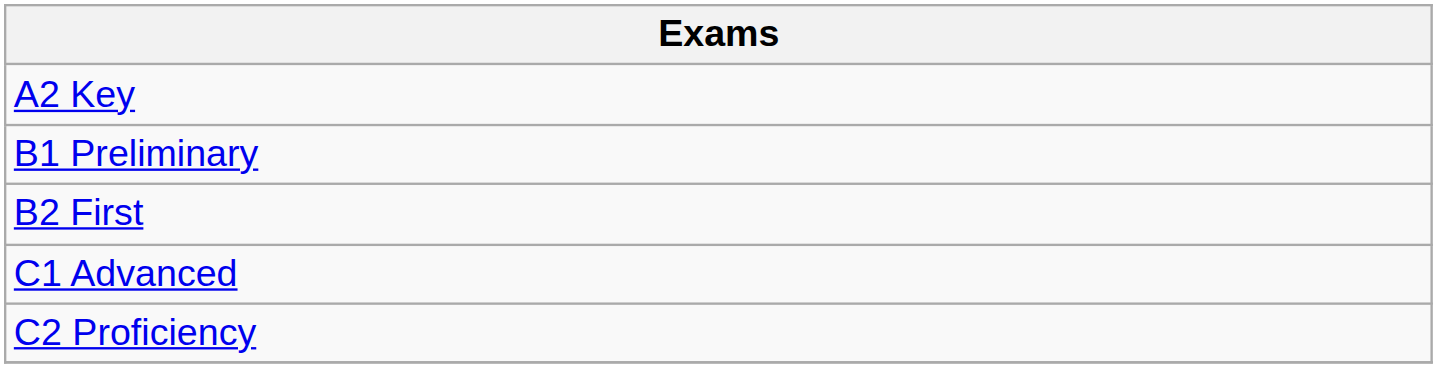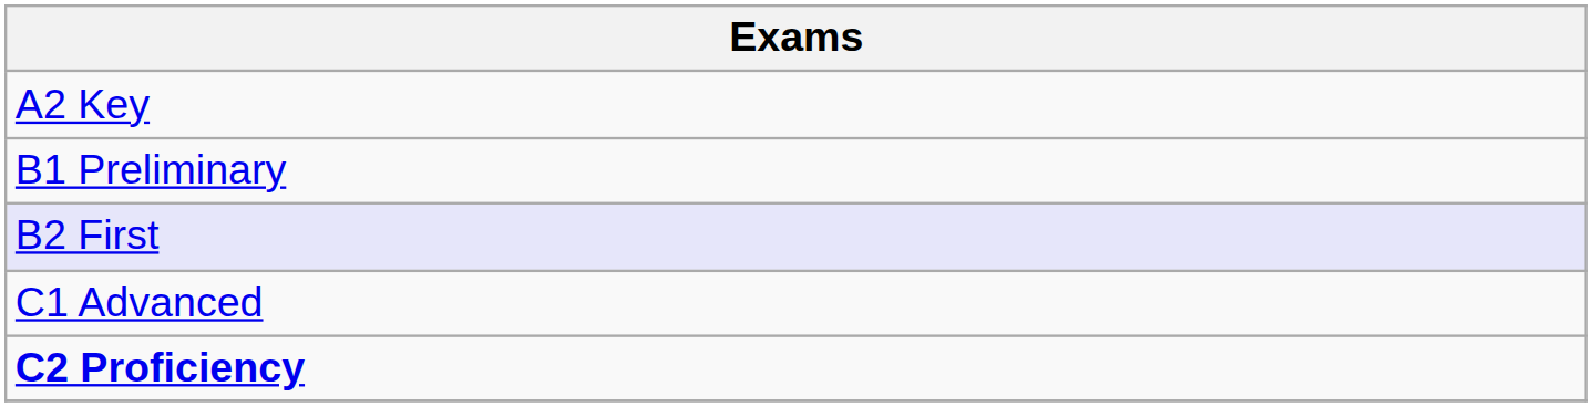 <table class="wikitable">
 <tr>
 <th width="600">Exams</th>
 </tr>
 <tr>
 <td><a href='#'>A2 Key</a></td>
 </tr>
 <tr>
 <td><a href='#'>B1 Preliminary</a></td>
 </tr>
 <tr>
-<td><a href='#'>B2 First</a></td>
+<td style="background: lavender;"><a href='#'>B2 First</a></td>
 </tr>
 <tr>
 <td><a href='#'>C1 Advanced</a></td>
 </tr>
 <tr>
-<td><a href='#'>C2 Proficiency</a></td>
+<td><strong><a href='#'>C2 Proficiency</a></strong></td>
 </tr>
 <tr>
 </tr>
 </table>
